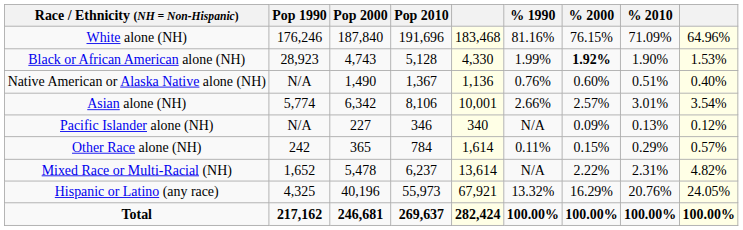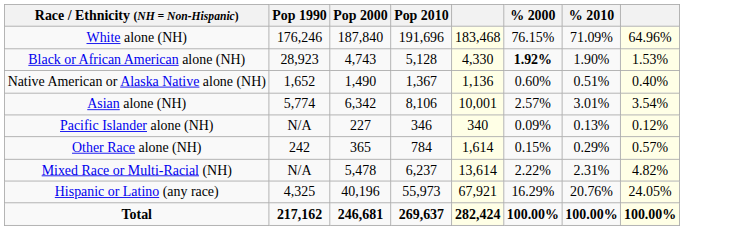 <table class="wikitable" style="text-align:center;">
 <tr>
 <th>Race / Ethnicity <small>(<em>NH = Non-Hispanic</em>)</small></th>
 <th>Pop 1990</th>
 <th>Pop 2000</th>
 <th>Pop 2010</th>
 <th></th>
-<th>% 1990</th>
 <th>% 2000</th>
 <th>% 2010</th>
 <th></th>
 </tr>
 <tr>
 <td><a href='#'>White</a> alone (NH)</td>
 <td>176,246</td>
 <td>187,840</td>
 <td>191,696</td>
 <td style='background: #ffffe6;'>183,468</td>
-<td>81.16%</td>
 <td>76.15%</td>
 <td>71.09%</td>
 <td style='background: #ffffe6;'>64.96%</td>
 </tr>
 <tr>
 <td><a href='#'>Black or African American</a> alone (NH)</td>
 <td>28,923</td>
 <td>4,743</td>
 <td>5,128</td>
 <td style='background: #ffffe6;'>4,330</td>
-<td>1.99%</td>
 <td><strong>1.92%</strong></td>
 <td>1.90%</td>
 <td style='background: #ffffe6;'>1.53%</td>
 </tr>
 <tr>
 <td>Native American or <a href='#'>Alaska Native</a> alone (NH)</td>
-<td>N/A</td>
+<td>1,652</td>
 <td>1,490</td>
 <td>1,367</td>
 <td style='background: #ffffe6;'>1,136</td>
-<td>0.76%</td>
 <td>0.60%</td>
 <td>0.51%</td>
 <td style='background: #ffffe6;'>0.40%</td>
 </tr>
 <tr>
 <td><a href='#'>Asian</a> alone (NH)</td>
 <td>5,774</td>
 <td>6,342</td>
 <td>8,106</td>
 <td style='background: #ffffe6;'>10,001</td>
-<td>2.66%</td>
 <td>2.57%</td>
 <td>3.01%</td>
 <td style='background: #ffffe6;'>3.54%</td>
 </tr>
 <tr>
 <td><a href='#'>Pacific Islander</a> alone (NH)</td>
 <td>N/A</td>
 <td>227</td>
 <td>346</td>
 <td style='background: #ffffe6;'>340</td>
-<td>N/A</td>
 <td>0.09%</td>
 <td>0.13%</td>
 <td style='background: #ffffe6;'>0.12%</td>
 </tr>
 <tr>
 <td><a href='#'>Other Race</a> alone (NH)</td>
 <td>242</td>
 <td>365</td>
 <td>784</td>
 <td style='background: #ffffe6;'>1,614</td>
-<td>0.11%</td>
 <td>0.15%</td>
 <td>0.29%</td>
 <td style='background: #ffffe6;'>0.57%</td>
 </tr>
 <tr>
 <td><a href='#'>Mixed Race or Multi-Racial</a> (NH)</td>
-<td>1,652</td>
+<td>N/A</td>
 <td>5,478</td>
 <td>6,237</td>
 <td style='background: #ffffe6;'>13,614</td>
-<td>N/A</td>
 <td>2.22%</td>
 <td>2.31%</td>
 <td style='background: #ffffe6;'>4.82%</td>
 </tr>
 <tr>
 <td><a href='#'>Hispanic or Latino</a> (any race)</td>
 <td>4,325</td>
 <td>40,196</td>
 <td>55,973</td>
 <td style='background: #ffffe6;'>67,921</td>
-<td>13.32%</td>
 <td>16.29%</td>
 <td>20.76%</td>
 <td style='background: #ffffe6;'>24.05%</td>
 </tr>
 <tr>
 <td><strong>Total</strong></td>
 <td><strong>217,162</strong></td>
 <td><strong>246,681</strong></td>
 <td><strong>269,637</strong></td>
 <td style='background: #ffffe6;'><strong>282,424</strong></td>
 <td><strong>100.00%</strong></td>
 <td><strong>100.00%</strong></td>
-<td><strong>100.00%</strong></td>
 <td style='background: #ffffe6;'><strong>100.00%</strong></td>
 </tr>
 </table>
